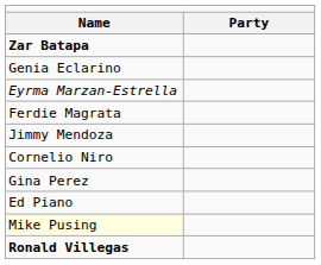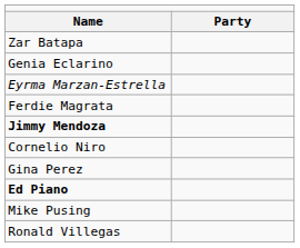 <table class=wikitable style="font-size:90%">
 <tr>
 <td colspan=4 bgcolor=></td>
 </tr>
 <tr>
 <th width=150px>Name</th>
 <th colspan=2 width=110px>Party</th>
 </tr>
 <tr>
-<td><strong>Zar Batapa</strong></td>
+<td>Zar Batapa</td>
 <td></td>
 </tr>
 <tr>
 <td>Genia Eclarino</td>
 <td></td>
 </tr>
 <tr>
 <td><em>Eyrma Marzan-Estrella</em></td>
 <td></td>
 </tr>
 <tr>
 <td>Ferdie Magrata</td>
 <td></td>
 </tr>
 <tr>
-<td>Jimmy Mendoza</td>
+<td><strong>Jimmy Mendoza</strong></td>
 <td></td>
 </tr>
 <tr>
 <td>Cornelio Niro</td>
 <td></td>
 </tr>
 <tr>
 <td>Gina Perez</td>
 <td></td>
 </tr>
 <tr>
-<td>Ed Piano</td>
+<td><strong>Ed Piano</strong></td>
 <td></td>
 </tr>
 <tr>
-<td style="background: lightyellow;">Mike Pusing</td>
+<td>Mike Pusing</td>
 <td></td>
 </tr>
 <tr>
-<td><strong>Ronald Villegas</strong></td>
+<td>Ronald Villegas</td>
 <td></td>
 </tr>
 </table>
